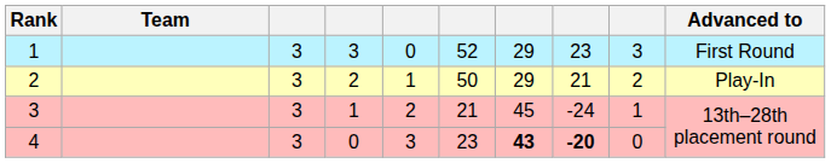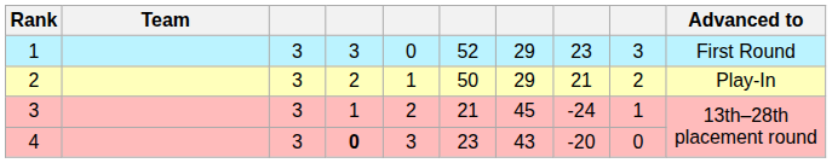 <table class="wikitable" style="text-align:center;">
 <tr>
 <th width=40>Rank</th>
 <th width=165>Team</th>
 <th width=40></th>
 <th width=40></th>
 <th width=40></th>
 <th width=40></th>
 <th width=40></th>
 <th width=40></th>
 <th width=40></th>
 <th width=125>Advanced to</th>
 </tr>
 <tr bgcolor=#bbf3ff>
 <td>1</td>
 <td style="text-align:left;"></td>
 <td>3</td>
 <td>3</td>
 <td>0</td>
 <td>52</td>
 <td>29</td>
 <td>23</td>
 <td>3</td>
 <td>First Round</td>
 </tr>
 <tr bgcolor=#ffffbb>
 <td>2</td>
 <td style="text-align:left;"></td>
 <td>3</td>
 <td>2</td>
 <td>1</td>
 <td>50</td>
 <td>29</td>
 <td>21</td>
 <td>2</td>
 <td>Play-In</td>
 </tr>
 <tr bgcolor=#ffbbbb>
 <td>3</td>
 <td style="text-align:left;"></td>
 <td>3</td>
 <td>1</td>
 <td>2</td>
 <td>21</td>
 <td>45</td>
 <td>-24</td>
 <td>1</td>
 <td rowspan=2>13th–28th placement round</td>
 </tr>
 <tr bgcolor=#ffbbbb>
 <td>4</td>
 <td style="text-align:left;"></td>
 <td>3</td>
-<td>0</td>
+<td><strong>0</strong></td>
 <td>3</td>
 <td>23</td>
-<td><strong>43</strong></td>
-<td><strong>-20</strong></td>
+<td>43</td>
+<td>-20</td>
 <td>0</td>
 </tr>
 </table>
